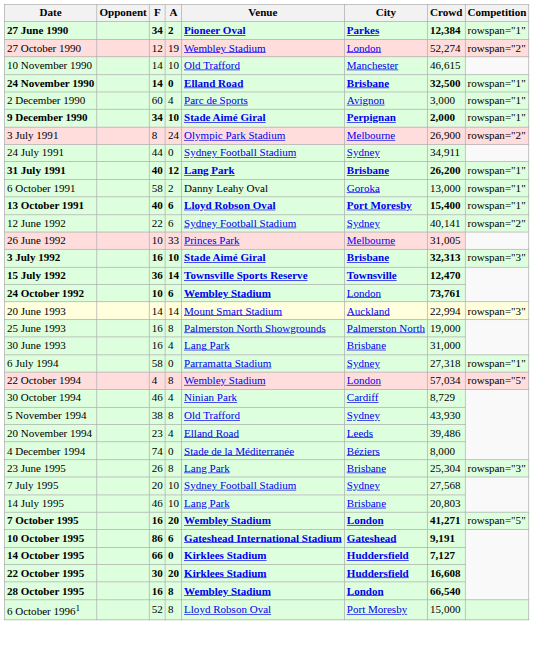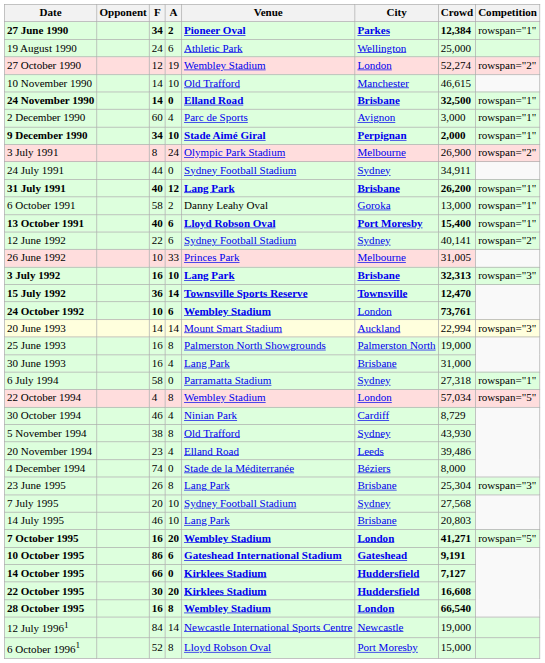 <table class="wikitable sortable">
 <tr>
 <th>Date</th>
 <th>Opponent</th>
 <th>F</th>
 <th>A</th>
 <th>Venue</th>
 <th>City</th>
 <th>Crowd</th>
 <th>Competition</th>
 </tr>
 <tr style="background:#ddffdd;">
 <td><strong>27 June 1990</strong></td>
 <td><strong></strong></td>
 <td><strong>34</strong></td>
 <td><strong>2</strong></td>
 <td><strong><a href='#'>Pioneer Oval</a></strong></td>
 <td><strong><a href='#'>Parkes</a></strong></td>
 <td><strong>12,384</strong></td>
 <td>rowspan="1"</td>
+</tr>
+<tr style="background:#ddffdd;">
+<td>19 August 1990</td>
+<td></td>
+<td>24</td>
+<td>6</td>
+<td><a href='#'>Athletic Park</a></td>
+<td><a href='#'>Wellington</a></td>
+<td>25,000</td>
+<td></td>
 </tr>
 <tr style="background:#ffdddd;">
 <td>27 October 1990</td>
 <td></td>
 <td>12</td>
 <td>19</td>
 <td><a href='#'>Wembley Stadium</a></td>
 <td><a href='#'>London</a></td>
 <td>52,274</td>
 <td>rowspan="2"</td>
 </tr>
 <tr style="background:#ddffdd;">
 <td>10 November 1990</td>
 <td></td>
 <td>14</td>
 <td>10</td>
 <td><a href='#'>Old Trafford</a></td>
 <td><a href='#'>Manchester</a></td>
 <td>46,615</td>
 </tr>
 <tr style="background:#ddffdd;">
 <td><strong>24 November 1990</strong></td>
 <td><strong></strong></td>
 <td><strong>14</strong></td>
 <td><strong>0</strong></td>
 <td><strong><a href='#'>Elland Road</a></strong></td>
 <td><strong><a href='#'>Brisbane</a></strong></td>
 <td><strong>32,500</strong></td>
 <td>rowspan="1"</td>
 </tr>
 <tr style="background:#ddffdd;">
 <td>2 December 1990</td>
 <td></td>
 <td>60</td>
 <td>4</td>
 <td><a href='#'>Parc de Sports</a></td>
 <td><a href='#'>Avignon</a></td>
 <td>3,000</td>
 <td>rowspan="1"</td>
 </tr>
 <tr style="background:#ddffdd;">
 <td><strong>9 December 1990</strong></td>
 <td><strong></strong></td>
 <td><strong>34</strong></td>
 <td><strong>10</strong></td>
 <td><strong><a href='#'>Stade Aimé Giral</a></strong></td>
 <td><strong><a href='#'>Perpignan</a></strong></td>
 <td><strong>2,000</strong></td>
 <td>rowspan="1"</td>
 </tr>
 <tr style="background:#ffdddd;">
 <td>3 July 1991</td>
 <td></td>
 <td>8</td>
 <td>24</td>
 <td><a href='#'>Olympic Park Stadium</a></td>
 <td><a href='#'>Melbourne</a></td>
 <td>26,900</td>
 <td>rowspan="2"</td>
 </tr>
 <tr style="background:#ddffdd;">
 <td>24 July 1991</td>
 <td></td>
 <td>44</td>
 <td>0</td>
 <td><a href='#'>Sydney Football Stadium</a></td>
 <td><a href='#'>Sydney</a></td>
 <td>34,911</td>
 </tr>
 <tr style="background:#ddffdd;">
 <td><strong>31 July 1991</strong></td>
 <td><strong></strong></td>
 <td><strong>40</strong></td>
 <td><strong>12</strong></td>
 <td><strong><a href='#'>Lang Park</a></strong></td>
 <td><strong><a href='#'>Brisbane</a></strong></td>
 <td><strong>26,200</strong></td>
 <td>rowspan="1"</td>
 </tr>
 <tr style="background:#ddffdd;">
 <td>6 October 1991</td>
 <td></td>
 <td>58</td>
 <td>2</td>
 <td>Danny Leahy Oval</td>
 <td><a href='#'>Goroka</a></td>
 <td>13,000</td>
 <td>rowspan="1"</td>
 </tr>
 <tr style="background:#ddffdd;">
 <td><strong>13 October 1991</strong></td>
 <td><strong></strong></td>
 <td><strong>40</strong></td>
 <td><strong>6</strong></td>
 <td><strong><a href='#'>Lloyd Robson Oval</a></strong></td>
 <td><strong><a href='#'>Port Moresby</a></strong></td>
 <td><strong>15,400</strong></td>
 <td>rowspan="1"</td>
 </tr>
 <tr style="background:#ddffdd;">
 <td>12 June 1992</td>
 <td></td>
 <td>22</td>
 <td>6</td>
 <td><a href='#'>Sydney Football Stadium</a></td>
 <td><a href='#'>Sydney</a></td>
 <td>40,141</td>
 <td>rowspan="2"</td>
 </tr>
 <tr style="background:#ffdddd;">
 <td>26 June 1992</td>
 <td></td>
 <td>10</td>
 <td>33</td>
 <td><a href='#'>Princes Park</a></td>
 <td><a href='#'>Melbourne</a></td>
 <td>31,005</td>
 </tr>
 <tr style="background:#ddffdd;">
 <td><strong>3 July 1992</strong></td>
 <td><strong></strong></td>
 <td><strong>16</strong></td>
 <td><strong>10</strong></td>
-<td><strong><a href='#'>Stade Aimé Giral</a></strong></td>
+<td><strong><a href='#'>Lang Park</a></strong></td>
 <td><strong><a href='#'>Brisbane</a></strong></td>
 <td><strong>32,313</strong></td>
 <td>rowspan="3"</td>
 </tr>
 <tr style="background:#ddffdd;">
 <td><strong>15 July 1992</strong></td>
 <td><strong></strong></td>
 <td><strong>36</strong></td>
 <td><strong>14</strong></td>
 <td><strong><a href='#'>Townsville Sports Reserve</a></strong></td>
 <td><strong><a href='#'>Townsville</a></strong></td>
 <td><strong>12,470</strong></td>
 </tr>
 <tr style="background:#ddffdd;">
 <td><strong>24 October 1992</strong></td>
 <td><strong></strong></td>
 <td><strong>10</strong></td>
 <td><strong>6</strong></td>
 <td><strong><a href='#'>Wembley Stadium</a></strong></td>
 <td><a href='#'>London</a></td>
 <td><strong>73,761</strong></td>
 </tr>
 <tr style="background:#ffffdd;">
 <td>20 June 1993</td>
 <td></td>
 <td>14</td>
 <td>14</td>
 <td><a href='#'>Mount Smart Stadium</a></td>
 <td><a href='#'>Auckland</a></td>
 <td>22,994</td>
 <td>rowspan="3"</td>
 </tr>
 <tr style="background:#ddffdd;">
 <td>25 June 1993</td>
 <td></td>
 <td>16</td>
 <td>8</td>
 <td><a href='#'>Palmerston North Showgrounds</a></td>
 <td><a href='#'>Palmerston North</a></td>
 <td>19,000</td>
 </tr>
 <tr style="background:#ddffdd;">
 <td>30 June 1993</td>
 <td></td>
 <td>16</td>
 <td>4</td>
 <td><a href='#'>Lang Park</a></td>
 <td><a href='#'>Brisbane</a></td>
 <td>31,000</td>
 </tr>
 <tr style="background:#ddffdd;">
 <td>6 July 1994</td>
 <td></td>
 <td>58</td>
 <td>0</td>
 <td><a href='#'>Parramatta Stadium</a></td>
 <td><a href='#'>Sydney</a></td>
 <td>27,318</td>
 <td>rowspan="1"</td>
 </tr>
 <tr style="background:#ffdddd;">
 <td>22 October 1994</td>
 <td></td>
 <td>4</td>
 <td>8</td>
 <td><a href='#'>Wembley Stadium</a></td>
 <td><a href='#'>London</a></td>
 <td>57,034</td>
 <td>rowspan="5"</td>
 </tr>
 <tr style="background:#ddffdd;">
 <td>30 October 1994</td>
 <td></td>
 <td>46</td>
 <td>4</td>
 <td><a href='#'>Ninian Park</a></td>
 <td><a href='#'>Cardiff</a></td>
 <td>8,729</td>
 </tr>
 <tr style="background:#ddffdd;">
 <td>5 November 1994</td>
 <td></td>
 <td>38</td>
 <td>8</td>
 <td><a href='#'>Old Trafford</a></td>
 <td><a href='#'>Sydney</a></td>
 <td>43,930</td>
 </tr>
 <tr style="background:#ddffdd;">
 <td>20 November 1994</td>
 <td></td>
 <td>23</td>
 <td>4</td>
 <td><a href='#'>Elland Road</a></td>
 <td><a href='#'>Leeds</a></td>
 <td>39,486</td>
 </tr>
 <tr style="background:#ddffdd;">
 <td>4 December 1994</td>
 <td></td>
 <td>74</td>
 <td>0</td>
 <td><a href='#'>Stade de la Méditerranée</a></td>
 <td><a href='#'>Béziers</a></td>
 <td>8,000</td>
 </tr>
 <tr style="background:#ddffdd;">
 <td>23 June 1995</td>
 <td></td>
 <td>26</td>
 <td>8</td>
 <td><a href='#'>Lang Park</a></td>
 <td><a href='#'>Brisbane</a></td>
 <td>25,304</td>
 <td>rowspan="3"</td>
 </tr>
 <tr style="background:#ddffdd;">
 <td>7 July 1995</td>
 <td></td>
 <td>20</td>
 <td>10</td>
 <td><a href='#'>Sydney Football Stadium</a></td>
 <td><a href='#'>Sydney</a></td>
 <td>27,568</td>
 </tr>
 <tr style="background:#ddffdd;">
 <td>14 July 1995</td>
 <td></td>
 <td>46</td>
 <td>10</td>
 <td><a href='#'>Lang Park</a></td>
 <td><a href='#'>Brisbane</a></td>
 <td>20,803</td>
 </tr>
 <tr style="background:#ddffdd;">
 <td><strong>7 October</strong> <strong>1995</strong></td>
 <td><strong></strong></td>
 <td><strong>16</strong></td>
 <td><strong>20</strong></td>
 <td><strong><a href='#'>Wembley Stadium</a></strong></td>
 <td><strong><a href='#'>London</a></strong></td>
 <td><strong>41,271</strong></td>
 <td>rowspan="5"</td>
 </tr>
 <tr style="background:#ddffdd;">
 <td><strong>10 October</strong> <strong>1995</strong></td>
 <td><strong></strong></td>
 <td><strong>86</strong></td>
 <td><strong>6</strong></td>
 <td><strong><a href='#'>Gateshead International Stadium</a></strong></td>
 <td><strong><a href='#'>Gateshead</a></strong></td>
 <td><strong>9,191</strong></td>
 </tr>
 <tr style="background:#ddffdd;">
 <td><strong>14 October</strong> <strong>1995</strong></td>
 <td><strong></strong></td>
 <td><strong>66</strong></td>
 <td><strong>0</strong></td>
 <td><strong><a href='#'>Kirklees Stadium</a></strong></td>
 <td><strong><a href='#'>Huddersfield</a></strong></td>
 <td><strong>7,127</strong></td>
 </tr>
 <tr style="background:#ddffdd;">
 <td><strong>22 October</strong> <strong>1995</strong></td>
 <td><strong></strong></td>
 <td><strong>30</strong></td>
 <td><strong>20</strong></td>
 <td><strong><a href='#'>Kirklees Stadium</a></strong></td>
 <td><strong><a href='#'>Huddersfield</a></strong></td>
 <td><strong>16,608</strong></td>
 </tr>
 <tr style="background:#ddffdd;">
 <td><strong>28 October</strong> <strong>1995</strong></td>
 <td><strong></strong></td>
 <td><strong>16</strong></td>
 <td><strong>8</strong></td>
 <td><strong><a href='#'>Wembley Stadium</a></strong></td>
 <td><strong><a href='#'>London</a></strong></td>
 <td><strong>66,540</strong></td>
 </tr>
 <tr style="background:#ddffdd;">
+<td>12 July 1996<sup>1</sup></td>
+<td></td>
+<td>84</td>
+<td>14</td>
+<td><a href='#'>Newcastle International Sports Centre</a></td>
+<td><a href='#'>Newcastle</a></td>
+<td>19,000</td>
+<td></td>
+</tr>
+<tr style="background:#ddffdd;">
 <td>6 October 1996<sup>1</sup></td>
 <td></td>
 <td>52</td>
 <td>8</td>
 <td><a href='#'>Lloyd Robson Oval</a></td>
 <td><a href='#'>Port Moresby</a></td>
 <td>15,000</td>
 <td></td>
 </tr>
 </table>
